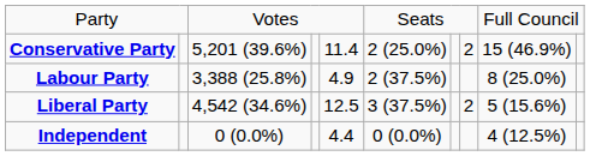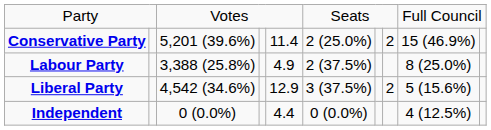 <table class=wikitable style="text-align:center;">
 <tr>
 <td colspan=2>Party</td>
 <td colspan=3>Votes</td>
 <td colspan=3>Seats</td>
 <td colspan=3>Full Council</td>
 </tr>
 <tr>
 <td><strong><a href='#'>Conservative Party</a></strong></td>
 <td style="background:"></td>
 <td>5,201 (39.6%)</td>
 <td></td>
 <td> 11.4</td>
 <td>2 (25.0%)</td>
 <td></td>
 <td> 2</td>
 <td>15 (46.9%)</td>
 <td></td>
 </tr>
 <tr>
 <td><strong><a href='#'>Labour Party</a></strong></td>
 <td style="background:"></td>
 <td>3,388 (25.8%)</td>
 <td></td>
 <td> 4.9</td>
 <td>2 (37.5%)</td>
 <td></td>
 <td></td>
 <td>8 (25.0%)</td>
 <td></td>
 </tr>
 <tr>
 <td><strong><a href='#'>Liberal Party</a></strong></td>
 <td style="background:"></td>
 <td>4,542 (34.6%)</td>
 <td></td>
-<td> 12.5</td>
+<td> 12.9</td>
 <td>3  (37.5%)</td>
 <td></td>
 <td> 2</td>
 <td>5 (15.6%)</td>
 <td></td>
 </tr>
 <tr>
 <td><strong><a href='#'>Independent</a></strong></td>
 <td style="background:"></td>
 <td>0 (0.0%)</td>
 <td></td>
 <td> 4.4</td>
 <td>0 (0.0%)</td>
 <td></td>
 <td></td>
 <td>4  (12.5%)</td>
 <td></td>
 </tr>
 </table>
